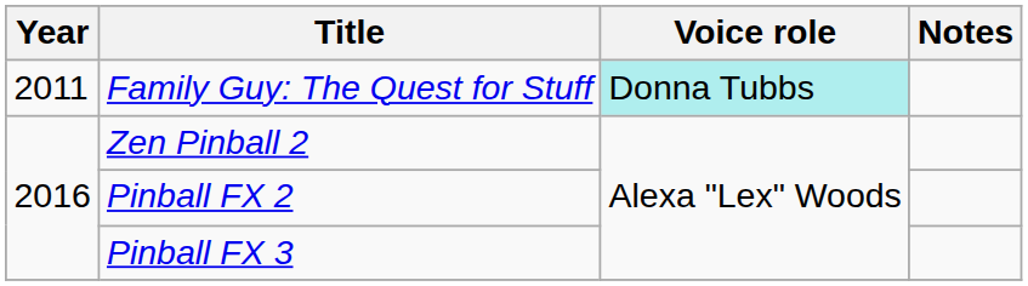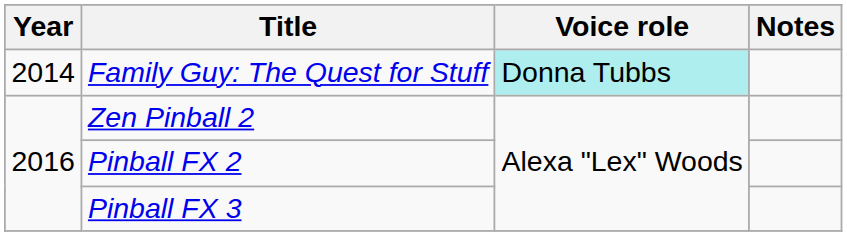 <table class="wikitable sortable">
 <tr>
 <th>Year</th>
 <th>Title</th>
 <th>Voice role</th>
 <th class="unsortable">Notes</th>
 </tr>
 <tr>
-<td>2011</td>
+<td>2014</td>
 <td><em><a href='#'>Family Guy: The Quest for Stuff</a></em></td>
 <td style="background: paleturquoise;">Donna Tubbs</td>
 <td></td>
 </tr>
 <tr>
 <td rowspan="3">2016</td>
 <td><em><a href='#'>Zen Pinball 2</a></em></td>
 <td rowspan="3">Alexa "Lex" Woods</td>
 <td></td>
 </tr>
 <tr>
 <td><em><a href='#'>Pinball FX 2</a></em></td>
 <td></td>
 </tr>
 <tr>
 <td><em><a href='#'>Pinball FX 3</a></em></td>
 <td></td>
 </tr>
 </table>
